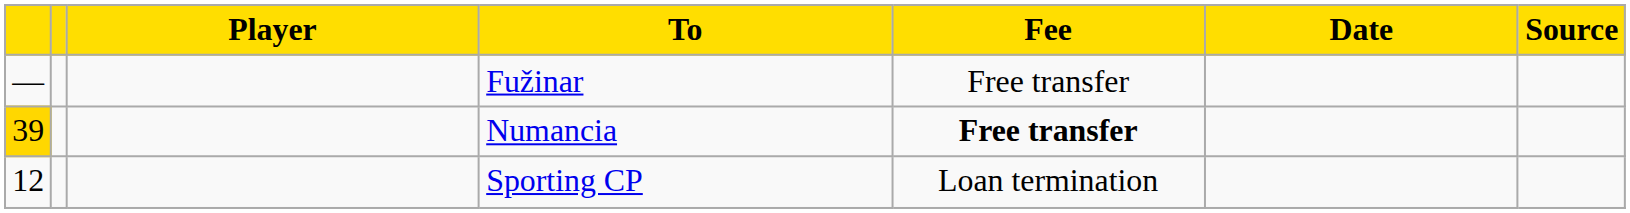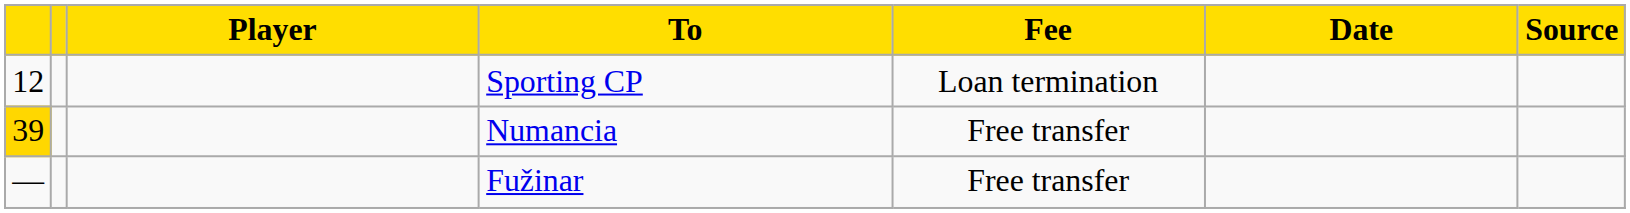 <table class="wikitable sortable">
 <tr>
 <th style="background:#FFDE00"></th>
 <th style="background:#FFDE00"></th>
 <th width=200 style="background:#FFDE00">Player</th>
 <th width=200 style="background:#FFDE00">To</th>
 <th width=150 style="background:#FFDE00">Fee</th>
 <th width=150 style="background:#FFDE00">Date</th>
 <th style="background:#FFDE00">Source</th>
 </tr>
 <tr>
+<td align=center>12</td>
+<td align=center></td>
+<td></td>
+<td> <a href='#'>Sporting CP</a></td>
+<td align=center>Loan termination</td>
+<td align=center></td>
+<td align=center></td>
+</tr>
+<tr>
+<td align=center style="background: gold;">39</td>
+<td align=center></td>
+<td></td>
+<td> <a href='#'>Numancia</a></td>
+<td align=center>Free transfer</td>
+<td align=center></td>
+<td align=center></td>
+</tr>
+<tr>
 <td align=center>—</td>
 <td align=center></td>
 <td></td>
 <td> <a href='#'>Fužinar</a></td>
 <td align=center>Free transfer</td>
 <td align=center></td>
 <td align=center></td>
 </tr>
-<tr>
-<td align=center style="background: gold;">39</td>
-<td align=center></td>
-<td></td>
-<td> <a href='#'>Numancia</a></td>
-<td align=center><strong>Free transfer</strong></td>
-<td align=center></td>
-<td align=center></td>
-</tr>
-<tr>
-<td align=center>12</td>
-<td align=center></td>
-<td></td>
-<td> <a href='#'>Sporting CP</a></td>
-<td align=center>Loan termination</td>
-<td align=center></td>
-<td align=center></td>
-</tr>
 </table>
